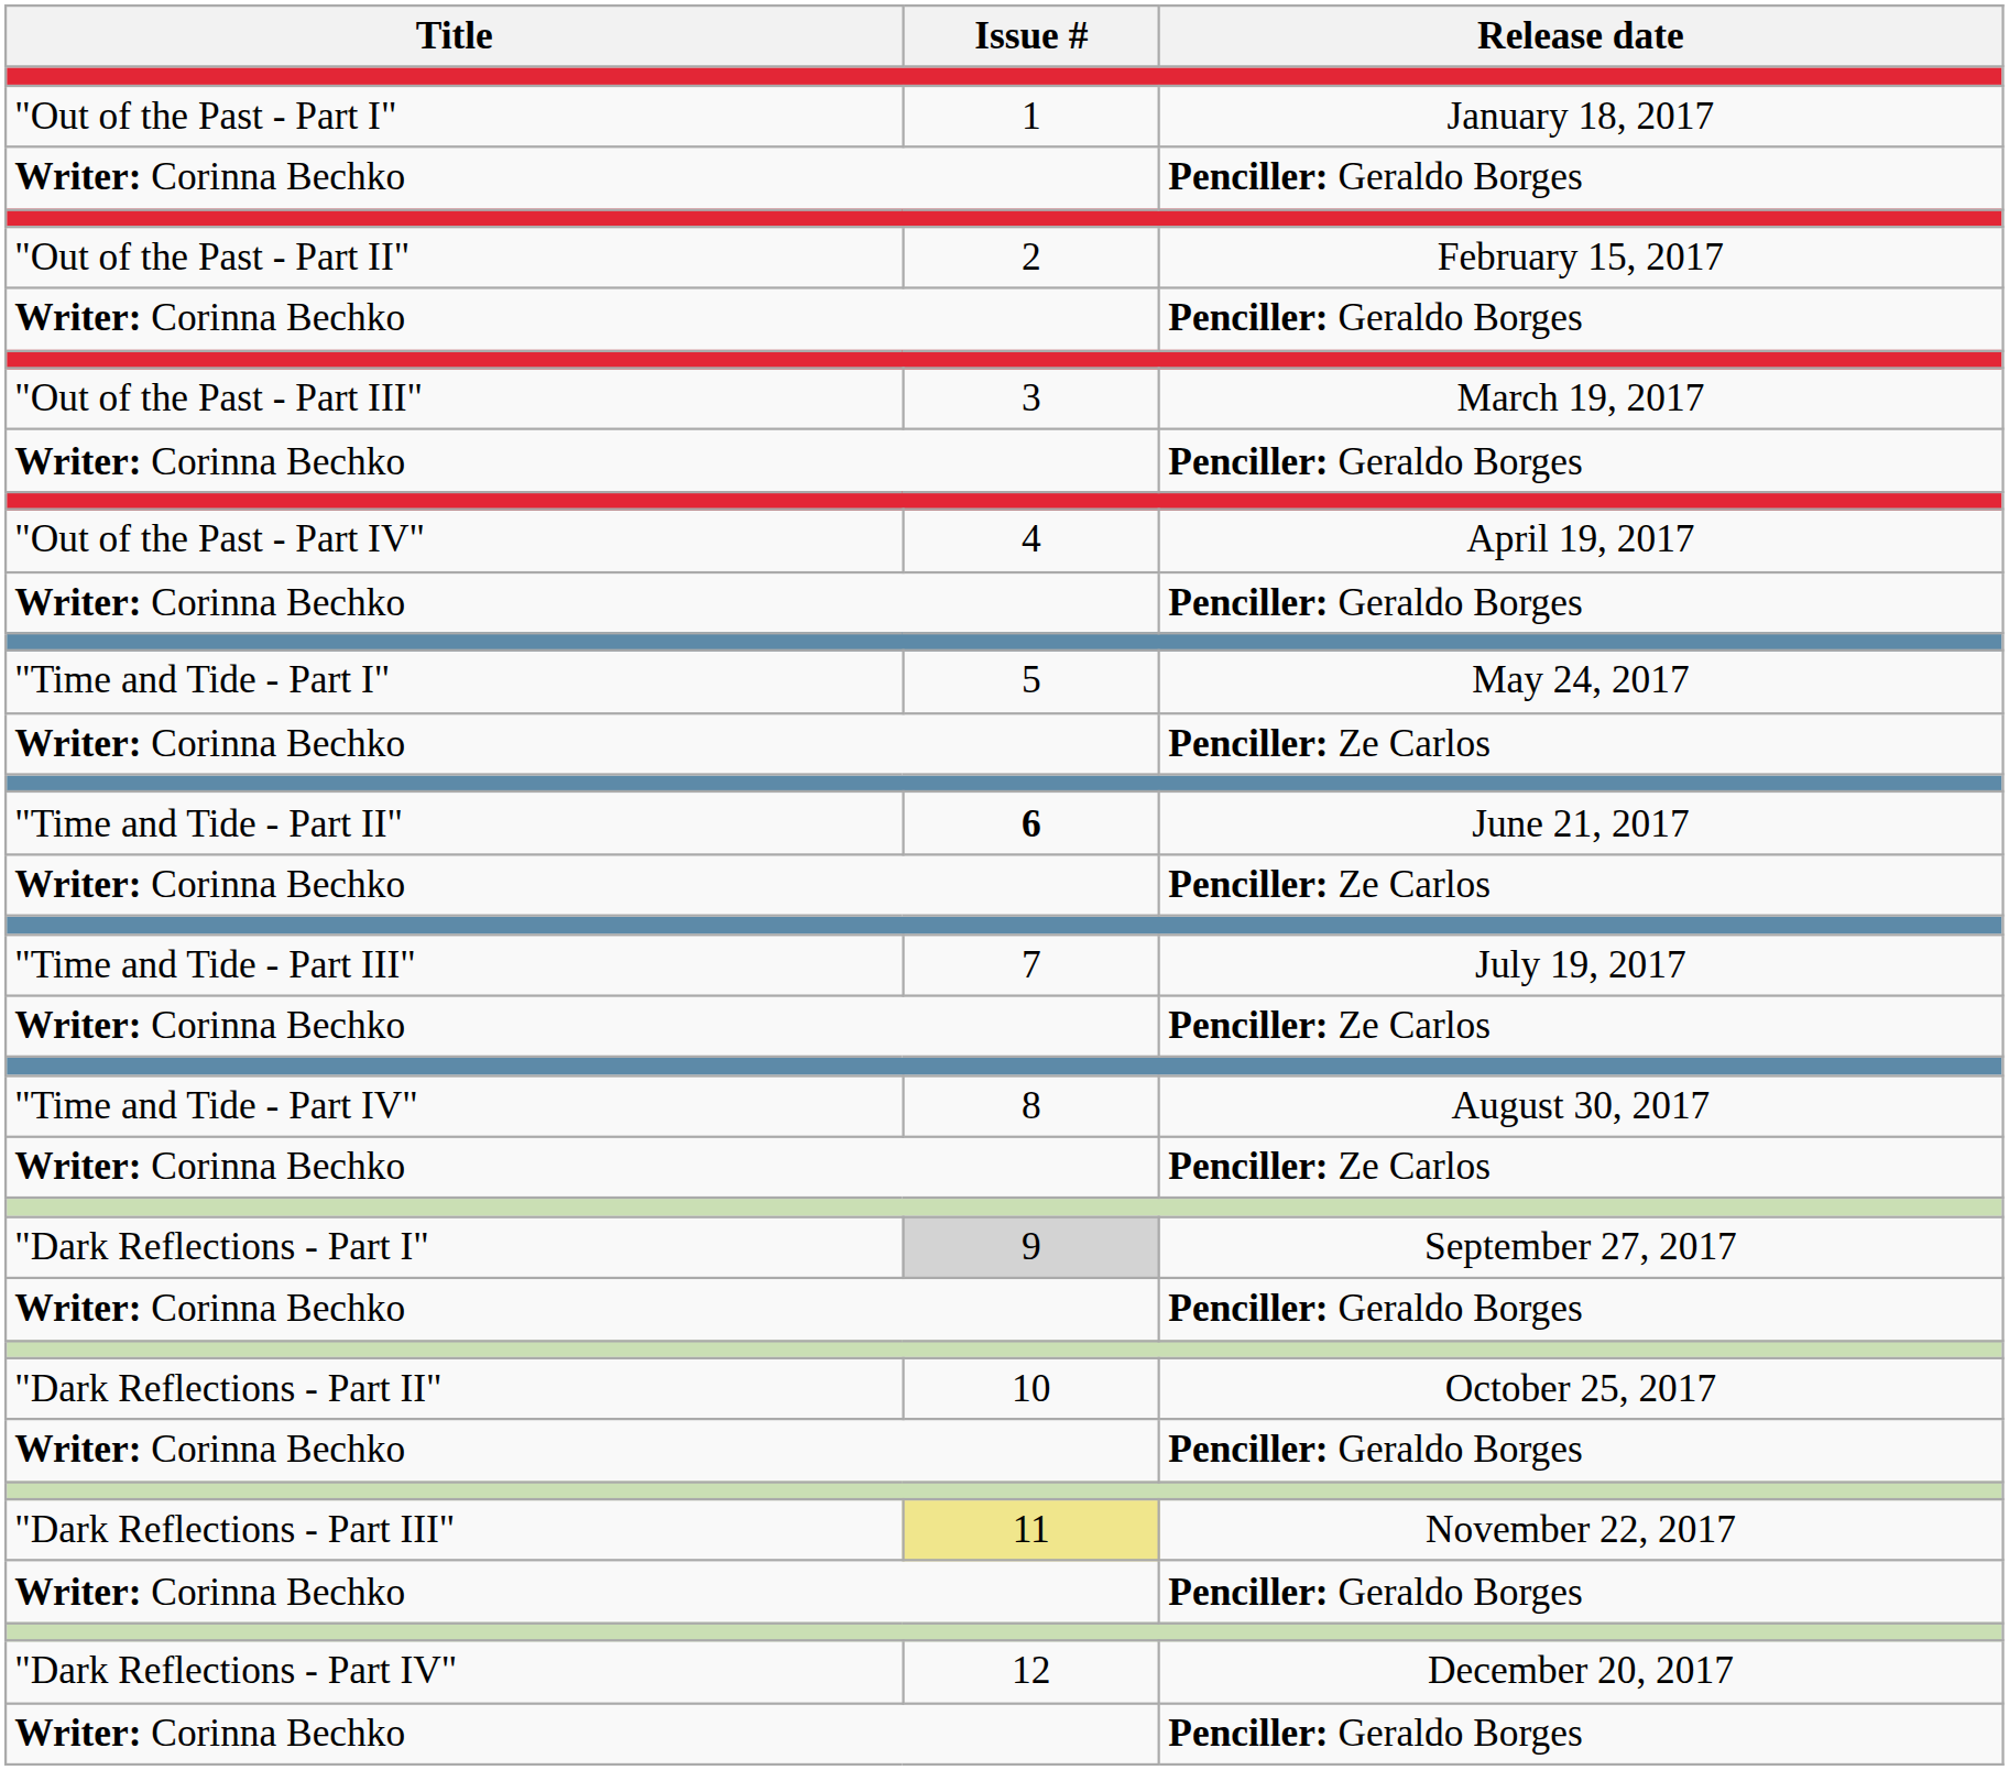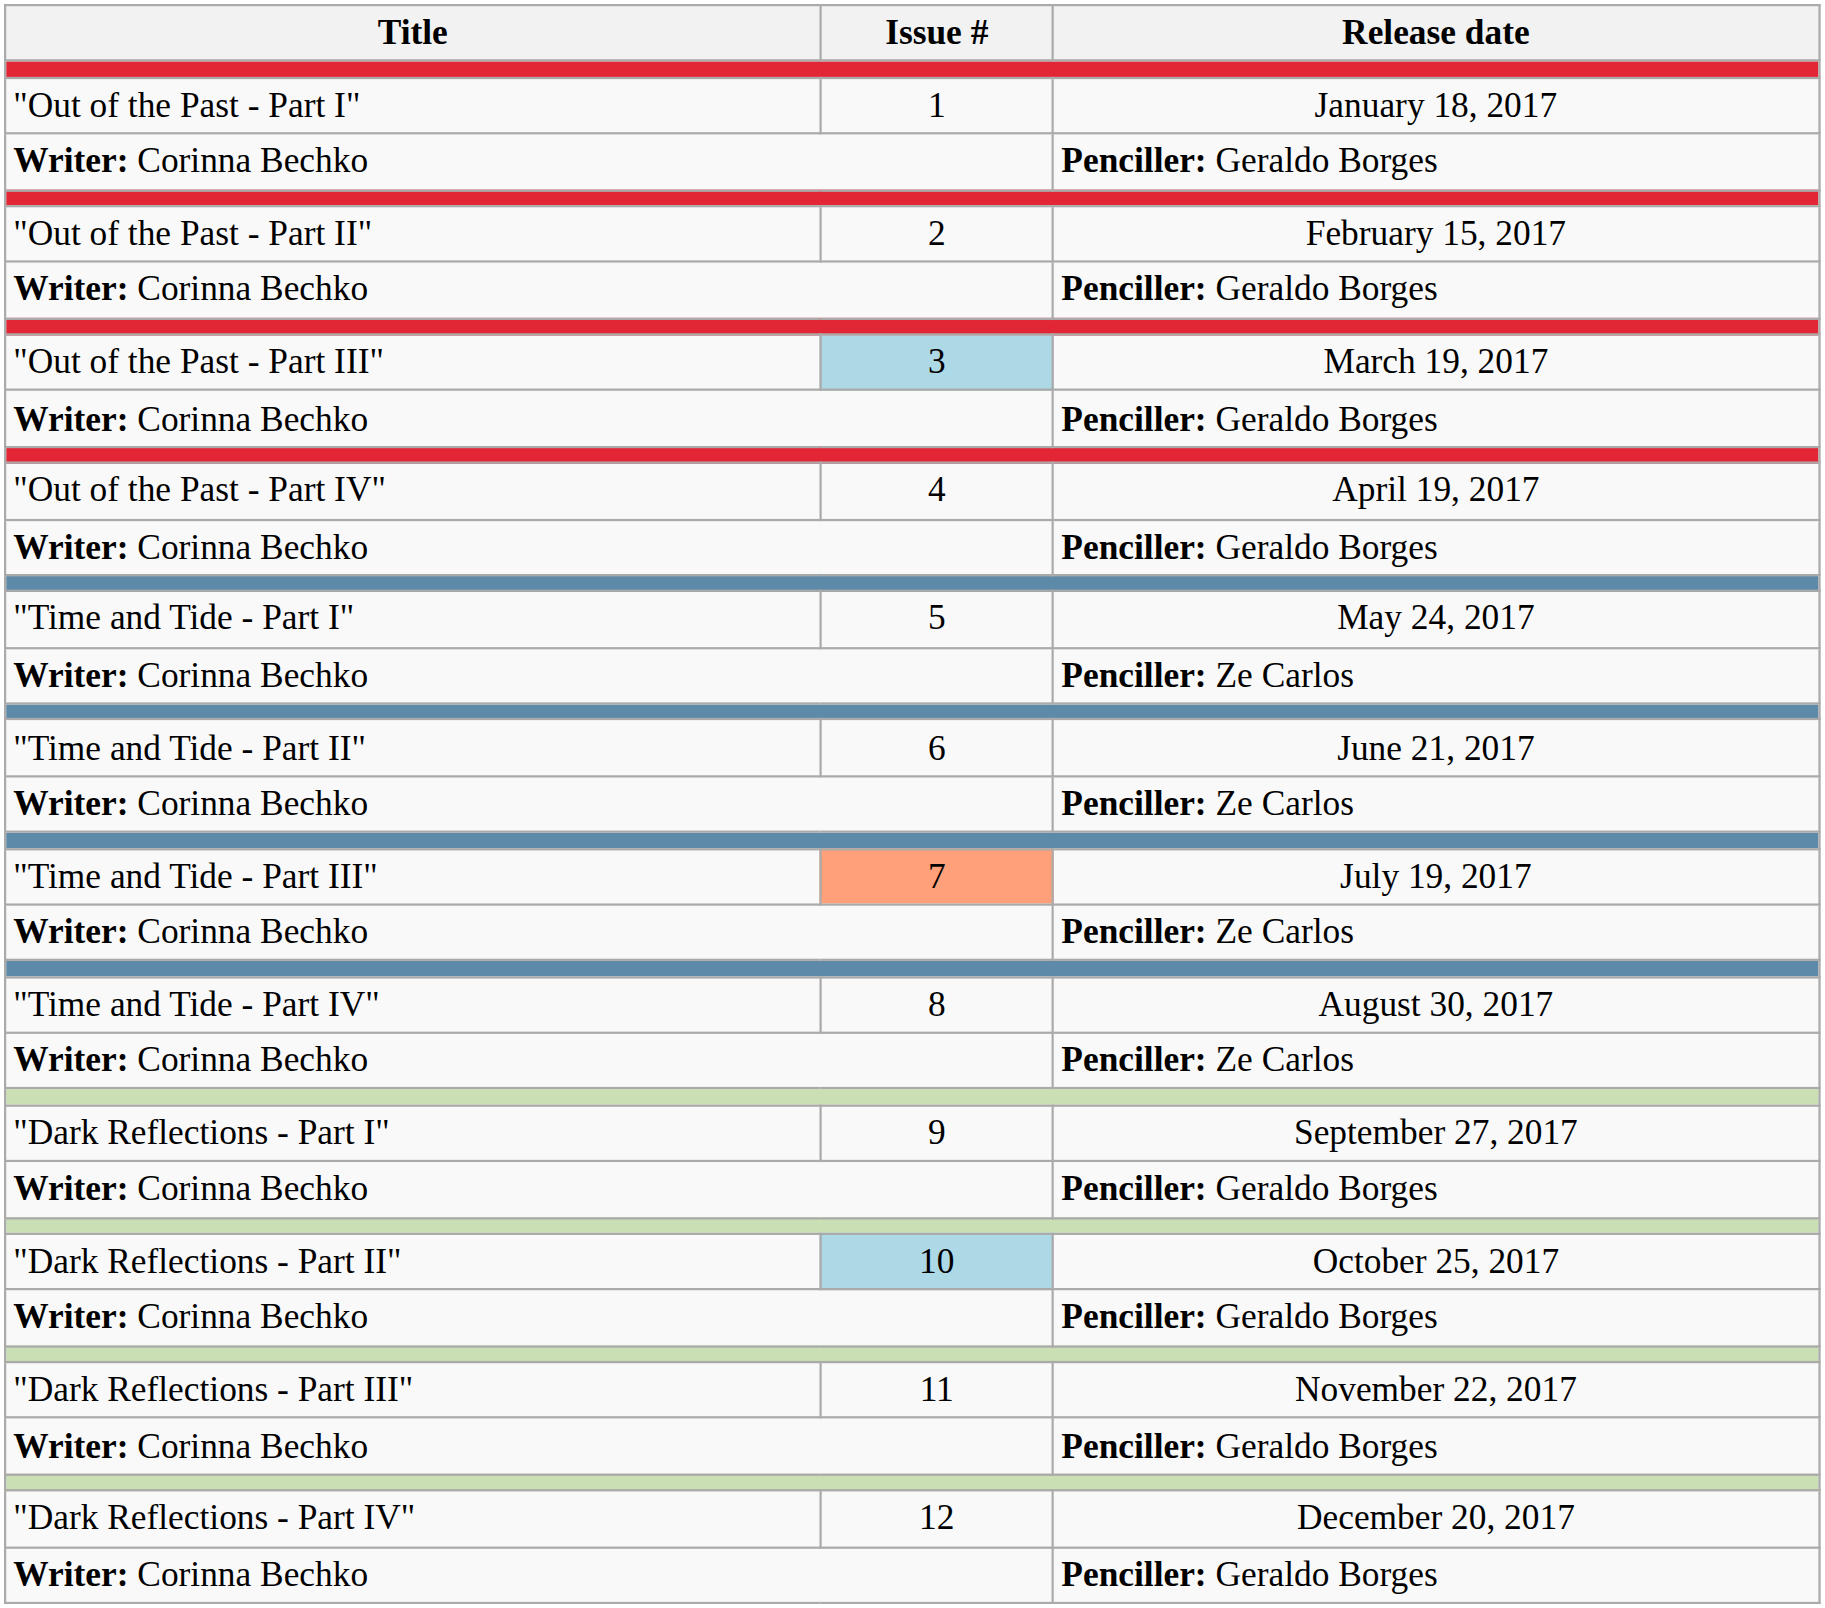 <table class="wikitable" style="width:65%;">
 <tr>
 <th>Title</th>
 <th>Issue #</th>
 <th>Release date</th>
 </tr>
 <tr>
 <td colspan="6" style="background:#e32636;"></td>
 </tr>
 <tr>
 <td>"Out of the Past - Part I"</td>
 <td style="text-align:center;">1</td>
 <td style="text-align:center;">January 18, 2017</td>
 </tr>
 <tr>
 <td colspan="2"><strong>Writer:</strong> Corinna Bechko</td>
 <td><strong>Penciller:</strong> Geraldo Borges</td>
 </tr>
 <tr>
 <td colspan="6" style="background:#e32636;"></td>
 </tr>
 <tr>
 <td>"Out of the Past - Part II"</td>
 <td style="text-align:center;">2</td>
 <td style="text-align:center;">February 15, 2017</td>
 </tr>
 <tr>
 <td colspan="2"><strong>Writer:</strong> Corinna Bechko</td>
 <td><strong>Penciller:</strong> Geraldo Borges</td>
 </tr>
 <tr>
 <td colspan="6" style="background:#e32636;"></td>
 </tr>
 <tr>
 <td>"Out of the Past - Part III"</td>
-<td style="text-align:center;">3</td>
+<td style="background: lightblue; text-align:center;">3</td>
 <td style="text-align:center;">March 19, 2017</td>
 </tr>
 <tr>
 <td colspan="2"><strong>Writer:</strong> Corinna Bechko</td>
 <td><strong>Penciller:</strong> Geraldo Borges</td>
 </tr>
 <tr>
 <td colspan="6" style="background:#e32636;"></td>
 </tr>
 <tr>
 <td>"Out of the Past - Part IV"</td>
 <td style="text-align:center;">4</td>
 <td style="text-align:center;">April 19, 2017</td>
 </tr>
 <tr>
 <td colspan="2"><strong>Writer:</strong> Corinna Bechko</td>
 <td><strong>Penciller:</strong> Geraldo Borges</td>
 </tr>
 <tr>
 <td colspan="6" style="background:#5d8aa8;"></td>
 </tr>
 <tr>
 <td>"Time and Tide - Part I"</td>
 <td style="text-align:center;">5</td>
 <td style="text-align:center;">May 24, 2017</td>
 </tr>
 <tr>
 <td colspan="2"><strong>Writer:</strong> Corinna Bechko</td>
 <td><strong>Penciller:</strong> Ze Carlos</td>
 </tr>
 <tr>
 <td colspan="6" style="background:#5d8aa8;"></td>
 </tr>
 <tr>
 <td>"Time and Tide - Part II"</td>
-<td style="text-align:center;"><strong>6</strong></td>
+<td style="text-align:center;">6</td>
 <td style="text-align:center;">June 21, 2017</td>
 </tr>
 <tr>
 <td colspan="2"><strong>Writer:</strong> Corinna Bechko</td>
 <td><strong>Penciller:</strong> Ze Carlos</td>
 </tr>
 <tr>
 <td colspan="6" style="background:#5d8aa8;"></td>
 </tr>
 <tr>
 <td>"Time and Tide - Part III"</td>
-<td style="text-align:center;">7</td>
+<td style="background: lightsalmon; text-align:center;">7</td>
 <td style="text-align:center;">July 19, 2017</td>
 </tr>
 <tr>
 <td colspan="2"><strong>Writer:</strong> Corinna Bechko</td>
 <td><strong>Penciller:</strong> Ze Carlos</td>
 </tr>
 <tr>
 <td colspan="6" style="background:#5d8aa8;"></td>
 </tr>
 <tr>
 <td>"Time and Tide - Part IV"</td>
 <td style="text-align:center;">8</td>
 <td style="text-align:center;">August 30, 2017</td>
 </tr>
 <tr>
 <td colspan="2"><strong>Writer:</strong> Corinna Bechko</td>
 <td><strong>Penciller:</strong> Ze Carlos</td>
 </tr>
 <tr>
 <td colspan="6" style="background:#cadfb4;"></td>
 </tr>
 <tr>
 <td>"Dark Reflections - Part I"</td>
-<td style="background: lightgrey; text-align:center;">9</td>
+<td style="text-align:center;">9</td>
 <td style="text-align:center;">September 27, 2017</td>
 </tr>
 <tr>
 <td colspan="2"><strong>Writer:</strong> Corinna Bechko</td>
 <td><strong>Penciller:</strong> Geraldo Borges</td>
 </tr>
 <tr>
 <td colspan="6" style="background:#cadfb4;"></td>
 </tr>
 <tr>
 <td>"Dark Reflections - Part II"</td>
-<td style="text-align:center;">10</td>
+<td style="background: lightblue; text-align:center;">10</td>
 <td style="text-align:center;">October 25, 2017</td>
 </tr>
 <tr>
 <td colspan="2"><strong>Writer:</strong> Corinna Bechko</td>
 <td><strong>Penciller:</strong> Geraldo Borges</td>
 </tr>
 <tr>
 <td colspan="6" style="background:#cadfb4;"></td>
 </tr>
 <tr>
 <td>"Dark Reflections - Part III"</td>
-<td style="background: khaki; text-align:center;">11</td>
+<td style="text-align:center;">11</td>
 <td style="text-align:center;">November 22, 2017</td>
 </tr>
 <tr>
 <td colspan="2"><strong>Writer:</strong> Corinna Bechko</td>
 <td><strong>Penciller:</strong> Geraldo Borges</td>
 </tr>
 <tr>
 <td colspan="6" style="background:#cadfb4;"></td>
 </tr>
 <tr>
 <td>"Dark Reflections - Part IV"</td>
 <td style="text-align:center;">12</td>
 <td style="text-align:center;">December 20, 2017</td>
 </tr>
 <tr>
 <td colspan="2"><strong>Writer:</strong> Corinna Bechko</td>
 <td><strong>Penciller:</strong> Geraldo Borges</td>
 </tr>
 </table>
